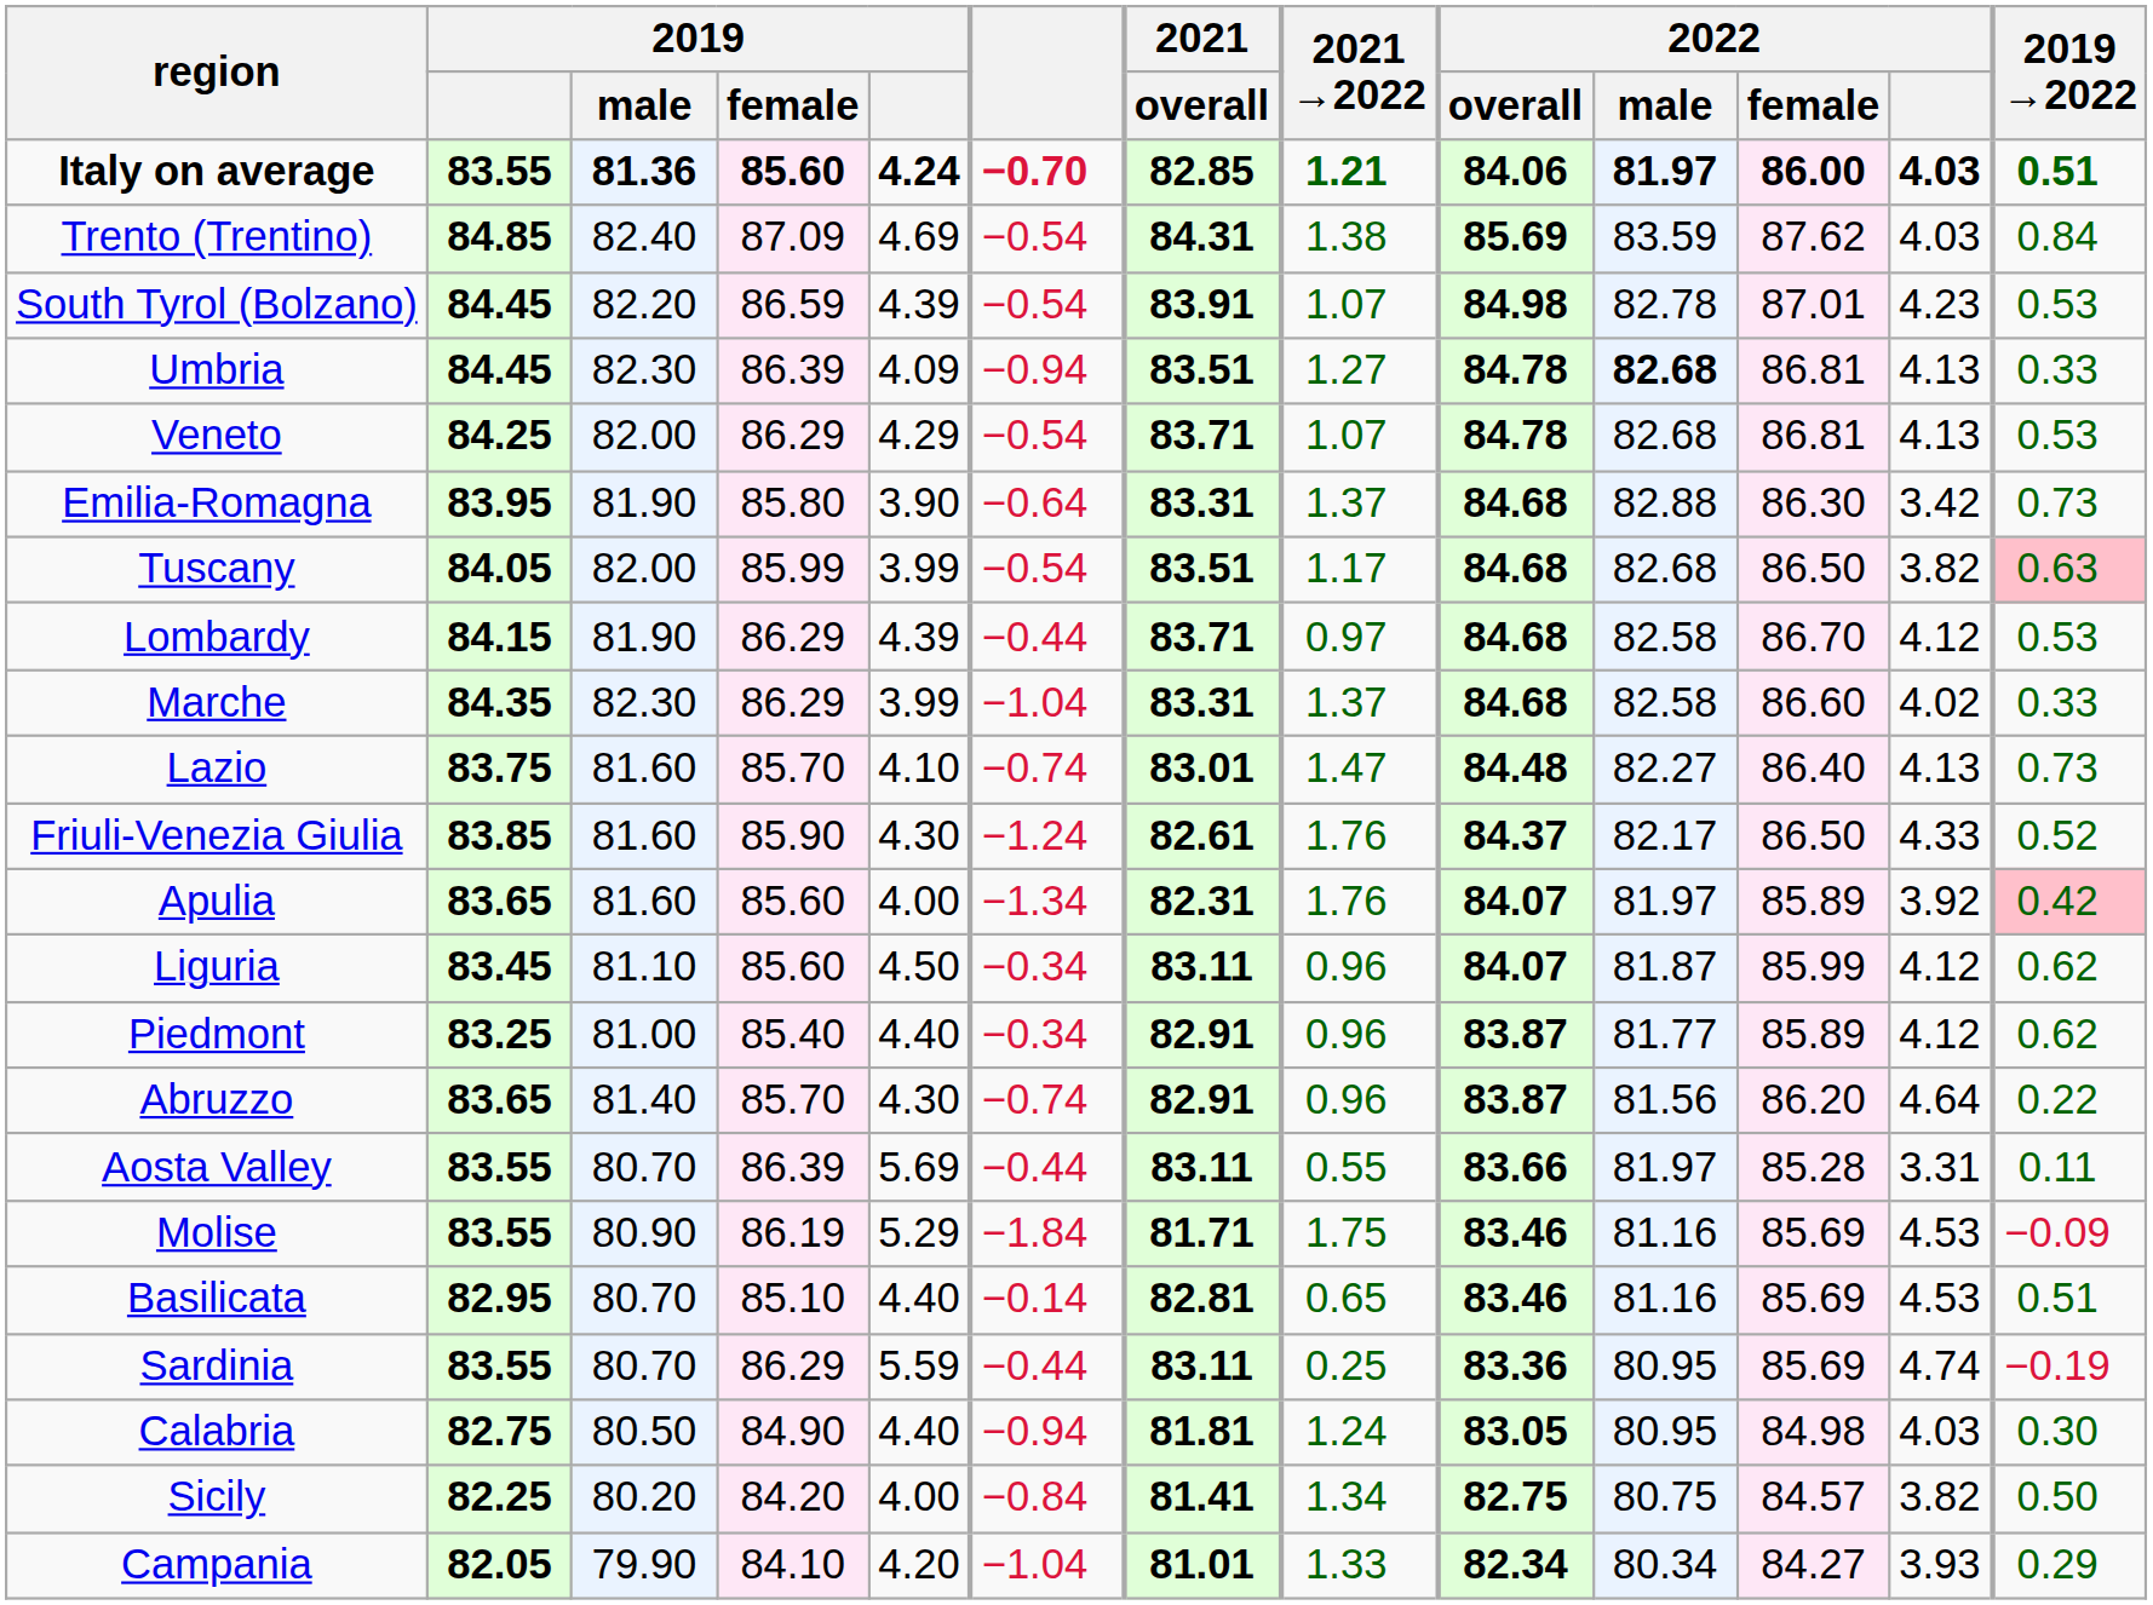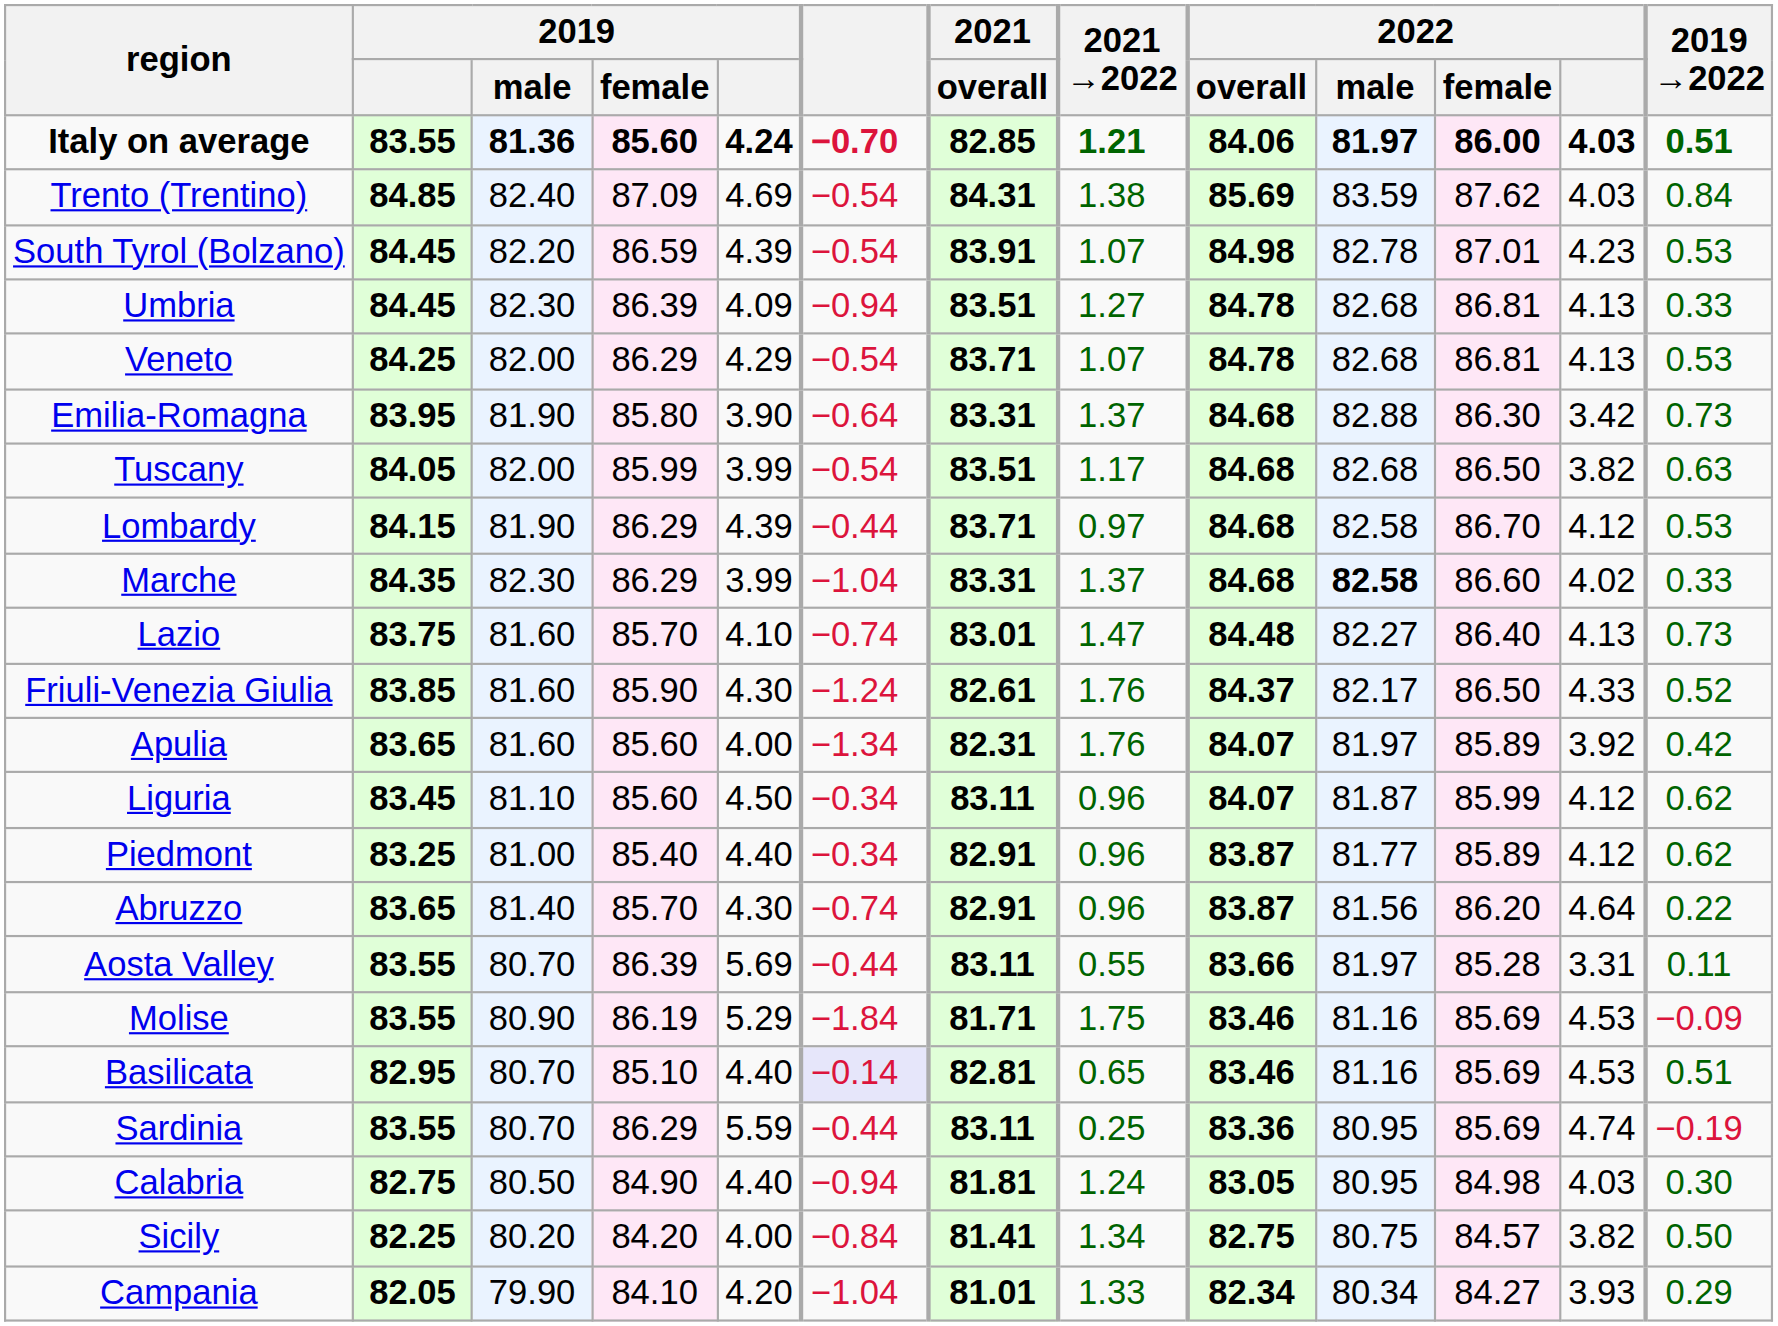 <table class="wikitable sortable mw-datatable static-row-numbers sticky-header-multi sort-under col1left col6right col8right col13right" style="text-align:center;">
 <tr>
 <th rowspan=2 style="vertical-align:middle;">region</th>
 <th colspan=4>2019</th>
 <th rowspan=2 style="vertical-align:middle;border-left-width:2px;"></th>
 <th style="border-left-width:2px;">2021</th>
 <th rowspan=2 style="vertical-align:middle;border-left-width:2px;">2021<br>→2022</th>
 <th colspan=4 style="border-left-width:2px;">2022</th>
 <th rowspan=2 style="vertical-align:middle;border-left-width:2px;">2019<br>→2022</th>
 </tr>
 <tr>
 <th style="vertical-align:middle;min-width:3em;"></th>
 <th style="vertical-align:middle;min-width:3em;">male</th>
 <th style="vertical-align:middle;min-width:3em;">female</th>
 <th></th>
 <th style="vertical-align:middle;min-width:3em;border-left-width:2px;">overall</th>
 <th style="vertical-align:middle;min-width:3em;border-left-width:2px;">overall</th>
 <th style="vertical-align:middle;min-width:3em;">male</th>
 <th style="vertical-align:middle;min-width:3em;">female</th>
 <th></th>
 </tr>
 <tr class=static-row-header>
 <td><strong>Italy on average</strong></td>
 <td style="background:#e0ffd8;"><strong>83.55</strong></td>
 <td style="background:#eaf3ff;"><strong>81.36</strong></td>
 <td style="background:#fee7f6;"><strong>85.60</strong></td>
 <td><strong>4.24</strong></td>
 <td style="padding-right:1.5ex;color:crimson;border-left-width:2px;"><strong>−0.70</strong></td>
 <td style="background:#e0ffd8;border-left-width:2px;"><strong>82.85</strong></td>
 <td style="padding-right:1.5ex;color:darkgreen;border-left-width:2px;"><strong>1.21</strong></td>
 <td style="background:#e0ffd8;border-left-width:2px;"><strong>84.06</strong></td>
 <td style="background:#eaf3ff;"><strong>81.97</strong></td>
 <td style="background:#fee7f6;"><strong>86.00</strong></td>
 <td><strong>4.03</strong></td>
 <td style="padding-right:1.5ex;color:darkgreen;border-left-width:2px;"><strong>0.51</strong></td>
 </tr>
 <tr>
 <td><a href='#'>Trento (Trentino)</a></td>
 <td style="background:#e0ffd8;"><strong>84.85</strong></td>
 <td style="background:#eaf3ff;">82.40</td>
 <td style="background:#fee7f6;">87.09</td>
 <td>4.69</td>
 <td style="padding-right:1.5ex;color:crimson;border-left-width:2px;">−0.54</td>
 <td style="background:#e0ffd8;border-left-width:2px;"><strong>84.31</strong></td>
 <td style="padding-right:1.5ex;color:darkgreen;border-left-width:2px;">1.38</td>
 <td style="background:#e0ffd8;border-left-width:2px;"><strong>85.69</strong></td>
 <td style="background:#eaf3ff;">83.59</td>
 <td style="background:#fee7f6;">87.62</td>
 <td>4.03</td>
 <td style="padding-right:1.5ex;color:darkgreen;border-left-width:2px;">0.84</td>
 </tr>
 <tr>
 <td><a href='#'>South Tyrol (Bolzano)</a></td>
 <td style="background:#e0ffd8;"><strong>84.45</strong></td>
 <td style="background:#eaf3ff;">82.20</td>
 <td style="background:#fee7f6;">86.59</td>
 <td>4.39</td>
 <td style="padding-right:1.5ex;color:crimson;border-left-width:2px;">−0.54</td>
 <td style="background:#e0ffd8;border-left-width:2px;"><strong>83.91</strong></td>
 <td style="padding-right:1.5ex;color:darkgreen;border-left-width:2px;">1.07</td>
 <td style="background:#e0ffd8;border-left-width:2px;"><strong>84.98</strong></td>
 <td style="background:#eaf3ff;">82.78</td>
 <td style="background:#fee7f6;">87.01</td>
 <td>4.23</td>
 <td style="padding-right:1.5ex;color:darkgreen;border-left-width:2px;">0.53</td>
 </tr>
 <tr>
 <td><a href='#'>Umbria</a></td>
 <td style="background:#e0ffd8;"><strong>84.45</strong></td>
 <td style="background:#eaf3ff;">82.30</td>
 <td style="background:#fee7f6;">86.39</td>
 <td>4.09</td>
 <td style="padding-right:1.5ex;color:crimson;border-left-width:2px;">−0.94</td>
 <td style="background:#e0ffd8;border-left-width:2px;"><strong>83.51</strong></td>
 <td style="padding-right:1.5ex;color:darkgreen;border-left-width:2px;">1.27</td>
 <td style="background:#e0ffd8;border-left-width:2px;"><strong>84.78</strong></td>
-<td style="background:#eaf3ff;"><strong>82.68</strong></td>
+<td style="background:#eaf3ff;">82.68</td>
 <td style="background:#fee7f6;">86.81</td>
 <td>4.13</td>
 <td style="padding-right:1.5ex;color:darkgreen;border-left-width:2px;">0.33</td>
 </tr>
 <tr>
 <td><a href='#'>Veneto</a></td>
 <td style="background:#e0ffd8;"><strong>84.25</strong></td>
 <td style="background:#eaf3ff;">82.00</td>
 <td style="background:#fee7f6;">86.29</td>
 <td>4.29</td>
 <td style="padding-right:1.5ex;color:crimson;border-left-width:2px;">−0.54</td>
 <td style="background:#e0ffd8;border-left-width:2px;"><strong>83.71</strong></td>
 <td style="padding-right:1.5ex;color:darkgreen;border-left-width:2px;">1.07</td>
 <td style="background:#e0ffd8;border-left-width:2px;"><strong>84.78</strong></td>
 <td style="background:#eaf3ff;">82.68</td>
 <td style="background:#fee7f6;">86.81</td>
 <td>4.13</td>
 <td style="padding-right:1.5ex;color:darkgreen;border-left-width:2px;">0.53</td>
 </tr>
 <tr>
 <td><a href='#'>Emilia-Romagna</a></td>
 <td style="background:#e0ffd8;"><strong>83.95</strong></td>
 <td style="background:#eaf3ff;">81.90</td>
 <td style="background:#fee7f6;">85.80</td>
 <td>3.90</td>
 <td style="padding-right:1.5ex;color:crimson;border-left-width:2px;">−0.64</td>
 <td style="background:#e0ffd8;border-left-width:2px;"><strong>83.31</strong></td>
 <td style="padding-right:1.5ex;color:darkgreen;border-left-width:2px;">1.37</td>
 <td style="background:#e0ffd8;border-left-width:2px;"><strong>84.68</strong></td>
 <td style="background:#eaf3ff;">82.88</td>
 <td style="background:#fee7f6;">86.30</td>
 <td>3.42</td>
 <td style="padding-right:1.5ex;color:darkgreen;border-left-width:2px;">0.73</td>
 </tr>
 <tr>
 <td><a href='#'>Tuscany</a></td>
 <td style="background:#e0ffd8;"><strong>84.05</strong></td>
 <td style="background:#eaf3ff;">82.00</td>
 <td style="background:#fee7f6;">85.99</td>
 <td>3.99</td>
 <td style="padding-right:1.5ex;color:crimson;border-left-width:2px;">−0.54</td>
 <td style="background:#e0ffd8;border-left-width:2px;"><strong>83.51</strong></td>
 <td style="padding-right:1.5ex;color:darkgreen;border-left-width:2px;">1.17</td>
 <td style="background:#e0ffd8;border-left-width:2px;"><strong>84.68</strong></td>
 <td style="background:#eaf3ff;">82.68</td>
 <td style="background:#fee7f6;">86.50</td>
 <td>3.82</td>
-<td style="background: pink; padding-right:1.5ex;color:darkgreen;border-left-width:2px;">0.63</td>
+<td style="padding-right:1.5ex;color:darkgreen;border-left-width:2px;">0.63</td>
 </tr>
 <tr>
 <td><a href='#'>Lombardy</a></td>
 <td style="background:#e0ffd8;"><strong>84.15</strong></td>
 <td style="background:#eaf3ff;">81.90</td>
 <td style="background:#fee7f6;">86.29</td>
 <td>4.39</td>
 <td style="padding-right:1.5ex;color:crimson;border-left-width:2px;">−0.44</td>
 <td style="background:#e0ffd8;border-left-width:2px;"><strong>83.71</strong></td>
 <td style="padding-right:1.5ex;color:darkgreen;border-left-width:2px;">0.97</td>
 <td style="background:#e0ffd8;border-left-width:2px;"><strong>84.68</strong></td>
 <td style="background:#eaf3ff;">82.58</td>
 <td style="background:#fee7f6;">86.70</td>
 <td>4.12</td>
 <td style="padding-right:1.5ex;color:darkgreen;border-left-width:2px;">0.53</td>
 </tr>
 <tr>
 <td><a href='#'>Marche</a></td>
 <td style="background:#e0ffd8;"><strong>84.35</strong></td>
 <td style="background:#eaf3ff;">82.30</td>
 <td style="background:#fee7f6;">86.29</td>
 <td>3.99</td>
 <td style="padding-right:1.5ex;color:crimson;border-left-width:2px;">−1.04</td>
 <td style="background:#e0ffd8;border-left-width:2px;"><strong>83.31</strong></td>
 <td style="padding-right:1.5ex;color:darkgreen;border-left-width:2px;">1.37</td>
 <td style="background:#e0ffd8;border-left-width:2px;"><strong>84.68</strong></td>
-<td style="background:#eaf3ff;">82.58</td>
+<td style="background:#eaf3ff;"><strong>82.58</strong></td>
 <td style="background:#fee7f6;">86.60</td>
 <td>4.02</td>
 <td style="padding-right:1.5ex;color:darkgreen;border-left-width:2px;">0.33</td>
 </tr>
 <tr>
 <td><a href='#'>Lazio</a></td>
 <td style="background:#e0ffd8;"><strong>83.75</strong></td>
 <td style="background:#eaf3ff;">81.60</td>
 <td style="background:#fee7f6;">85.70</td>
 <td>4.10</td>
 <td style="padding-right:1.5ex;color:crimson;border-left-width:2px;">−0.74</td>
 <td style="background:#e0ffd8;border-left-width:2px;"><strong>83.01</strong></td>
 <td style="padding-right:1.5ex;color:darkgreen;border-left-width:2px;">1.47</td>
 <td style="background:#e0ffd8;border-left-width:2px;"><strong>84.48</strong></td>
 <td style="background:#eaf3ff;">82.27</td>
 <td style="background:#fee7f6;">86.40</td>
 <td>4.13</td>
 <td style="padding-right:1.5ex;color:darkgreen;border-left-width:2px;">0.73</td>
 </tr>
 <tr>
 <td><a href='#'>Friuli-Venezia Giulia</a></td>
 <td style="background:#e0ffd8;"><strong>83.85</strong></td>
 <td style="background:#eaf3ff;">81.60</td>
 <td style="background:#fee7f6;">85.90</td>
 <td>4.30</td>
 <td style="padding-right:1.5ex;color:crimson;border-left-width:2px;">−1.24</td>
 <td style="background:#e0ffd8;border-left-width:2px;"><strong>82.61</strong></td>
 <td style="padding-right:1.5ex;color:darkgreen;border-left-width:2px;">1.76</td>
 <td style="background:#e0ffd8;border-left-width:2px;"><strong>84.37</strong></td>
 <td style="background:#eaf3ff;">82.17</td>
 <td style="background:#fee7f6;">86.50</td>
 <td>4.33</td>
 <td style="padding-right:1.5ex;color:darkgreen;border-left-width:2px;">0.52</td>
 </tr>
 <tr>
 <td><a href='#'>Apulia</a></td>
 <td style="background:#e0ffd8;"><strong>83.65</strong></td>
 <td style="background:#eaf3ff;">81.60</td>
 <td style="background:#fee7f6;">85.60</td>
 <td>4.00</td>
 <td style="padding-right:1.5ex;color:crimson;border-left-width:2px;">−1.34</td>
 <td style="background:#e0ffd8;border-left-width:2px;"><strong>82.31</strong></td>
 <td style="padding-right:1.5ex;color:darkgreen;border-left-width:2px;">1.76</td>
 <td style="background:#e0ffd8;border-left-width:2px;"><strong>84.07</strong></td>
 <td style="background:#eaf3ff;">81.97</td>
 <td style="background:#fee7f6;">85.89</td>
 <td>3.92</td>
-<td style="background: pink; padding-right:1.5ex;color:darkgreen;border-left-width:2px;">0.42</td>
+<td style="padding-right:1.5ex;color:darkgreen;border-left-width:2px;">0.42</td>
 </tr>
 <tr>
 <td><a href='#'>Liguria</a></td>
 <td style="background:#e0ffd8;"><strong>83.45</strong></td>
 <td style="background:#eaf3ff;">81.10</td>
 <td style="background:#fee7f6;">85.60</td>
 <td>4.50</td>
 <td style="padding-right:1.5ex;color:crimson;border-left-width:2px;">−0.34</td>
 <td style="background:#e0ffd8;border-left-width:2px;"><strong>83.11</strong></td>
 <td style="padding-right:1.5ex;color:darkgreen;border-left-width:2px;">0.96</td>
 <td style="background:#e0ffd8;border-left-width:2px;"><strong>84.07</strong></td>
 <td style="background:#eaf3ff;">81.87</td>
 <td style="background:#fee7f6;">85.99</td>
 <td>4.12</td>
 <td style="padding-right:1.5ex;color:darkgreen;border-left-width:2px;">0.62</td>
 </tr>
 <tr>
 <td><a href='#'>Piedmont</a></td>
 <td style="background:#e0ffd8;"><strong>83.25</strong></td>
 <td style="background:#eaf3ff;">81.00</td>
 <td style="background:#fee7f6;">85.40</td>
 <td>4.40</td>
 <td style="padding-right:1.5ex;color:crimson;border-left-width:2px;">−0.34</td>
 <td style="background:#e0ffd8;border-left-width:2px;"><strong>82.91</strong></td>
 <td style="padding-right:1.5ex;color:darkgreen;border-left-width:2px;">0.96</td>
 <td style="background:#e0ffd8;border-left-width:2px;"><strong>83.87</strong></td>
 <td style="background:#eaf3ff;">81.77</td>
 <td style="background:#fee7f6;">85.89</td>
 <td>4.12</td>
 <td style="padding-right:1.5ex;color:darkgreen;border-left-width:2px;">0.62</td>
 </tr>
 <tr>
 <td><a href='#'>Abruzzo</a></td>
 <td style="background:#e0ffd8;"><strong>83.65</strong></td>
 <td style="background:#eaf3ff;">81.40</td>
 <td style="background:#fee7f6;">85.70</td>
 <td>4.30</td>
 <td style="padding-right:1.5ex;color:crimson;border-left-width:2px;">−0.74</td>
 <td style="background:#e0ffd8;border-left-width:2px;"><strong>82.91</strong></td>
 <td style="padding-right:1.5ex;color:darkgreen;border-left-width:2px;">0.96</td>
 <td style="background:#e0ffd8;border-left-width:2px;"><strong>83.87</strong></td>
 <td style="background:#eaf3ff;">81.56</td>
 <td style="background:#fee7f6;">86.20</td>
 <td>4.64</td>
 <td style="padding-right:1.5ex;color:darkgreen;border-left-width:2px;">0.22</td>
 </tr>
 <tr>
 <td><a href='#'>Aosta Valley</a></td>
 <td style="background:#e0ffd8;"><strong>83.55</strong></td>
 <td style="background:#eaf3ff;">80.70</td>
 <td style="background:#fee7f6;">86.39</td>
 <td>5.69</td>
 <td style="padding-right:1.5ex;color:crimson;border-left-width:2px;">−0.44</td>
 <td style="background:#e0ffd8;border-left-width:2px;"><strong>83.11</strong></td>
 <td style="padding-right:1.5ex;color:darkgreen;border-left-width:2px;">0.55</td>
 <td style="background:#e0ffd8;border-left-width:2px;"><strong>83.66</strong></td>
 <td style="background:#eaf3ff;">81.97</td>
 <td style="background:#fee7f6;">85.28</td>
 <td>3.31</td>
 <td style="padding-right:1.5ex;color:darkgreen;border-left-width:2px;">0.11</td>
 </tr>
 <tr>
 <td><a href='#'>Molise</a></td>
 <td style="background:#e0ffd8;"><strong>83.55</strong></td>
 <td style="background:#eaf3ff;">80.90</td>
 <td style="background:#fee7f6;">86.19</td>
 <td>5.29</td>
 <td style="padding-right:1.5ex;color:crimson;border-left-width:2px;">−1.84</td>
 <td style="background:#e0ffd8;border-left-width:2px;"><strong>81.71</strong></td>
 <td style="padding-right:1.5ex;color:darkgreen;border-left-width:2px;">1.75</td>
 <td style="background:#e0ffd8;border-left-width:2px;"><strong>83.46</strong></td>
 <td style="background:#eaf3ff;">81.16</td>
 <td style="background:#fee7f6;">85.69</td>
 <td>4.53</td>
 <td style="padding-right:1.5ex;color:crimson;border-left-width:2px;">−0.09</td>
 </tr>
 <tr>
 <td><a href='#'>Basilicata</a></td>
 <td style="background:#e0ffd8;"><strong>82.95</strong></td>
 <td style="background:#eaf3ff;">80.70</td>
 <td style="background:#fee7f6;">85.10</td>
 <td>4.40</td>
-<td style="padding-right:1.5ex;color:crimson;border-left-width:2px;">−0.14</td>
+<td style="background: lavender; padding-right:1.5ex;color:crimson;border-left-width:2px;">−0.14</td>
 <td style="background:#e0ffd8;border-left-width:2px;"><strong>82.81</strong></td>
 <td style="padding-right:1.5ex;color:darkgreen;border-left-width:2px;">0.65</td>
 <td style="background:#e0ffd8;border-left-width:2px;"><strong>83.46</strong></td>
 <td style="background:#eaf3ff;">81.16</td>
 <td style="background:#fee7f6;">85.69</td>
 <td>4.53</td>
 <td style="padding-right:1.5ex;color:darkgreen;border-left-width:2px;">0.51</td>
 </tr>
 <tr>
 <td><a href='#'>Sardinia</a></td>
 <td style="background:#e0ffd8;"><strong>83.55</strong></td>
 <td style="background:#eaf3ff;">80.70</td>
 <td style="background:#fee7f6;">86.29</td>
 <td>5.59</td>
 <td style="padding-right:1.5ex;color:crimson;border-left-width:2px;">−0.44</td>
 <td style="background:#e0ffd8;border-left-width:2px;"><strong>83.11</strong></td>
 <td style="padding-right:1.5ex;color:darkgreen;border-left-width:2px;">0.25</td>
 <td style="background:#e0ffd8;border-left-width:2px;"><strong>83.36</strong></td>
 <td style="background:#eaf3ff;">80.95</td>
 <td style="background:#fee7f6;">85.69</td>
 <td>4.74</td>
 <td style="padding-right:1.5ex;color:crimson;border-left-width:2px;">−0.19</td>
 </tr>
 <tr>
 <td><a href='#'>Calabria</a></td>
 <td style="background:#e0ffd8;"><strong>82.75</strong></td>
 <td style="background:#eaf3ff;">80.50</td>
 <td style="background:#fee7f6;">84.90</td>
 <td>4.40</td>
 <td style="padding-right:1.5ex;color:crimson;border-left-width:2px;">−0.94</td>
 <td style="background:#e0ffd8;border-left-width:2px;"><strong>81.81</strong></td>
 <td style="padding-right:1.5ex;color:darkgreen;border-left-width:2px;">1.24</td>
 <td style="background:#e0ffd8;border-left-width:2px;"><strong>83.05</strong></td>
 <td style="background:#eaf3ff;">80.95</td>
 <td style="background:#fee7f6;">84.98</td>
 <td>4.03</td>
 <td style="padding-right:1.5ex;color:darkgreen;border-left-width:2px;">0.30</td>
 </tr>
 <tr>
 <td><a href='#'>Sicily</a></td>
 <td style="background:#e0ffd8;"><strong>82.25</strong></td>
 <td style="background:#eaf3ff;">80.20</td>
 <td style="background:#fee7f6;">84.20</td>
 <td>4.00</td>
 <td style="padding-right:1.5ex;color:crimson;border-left-width:2px;">−0.84</td>
 <td style="background:#e0ffd8;border-left-width:2px;"><strong>81.41</strong></td>
 <td style="padding-right:1.5ex;color:darkgreen;border-left-width:2px;">1.34</td>
 <td style="background:#e0ffd8;border-left-width:2px;"><strong>82.75</strong></td>
 <td style="background:#eaf3ff;">80.75</td>
 <td style="background:#fee7f6;">84.57</td>
 <td>3.82</td>
 <td style="padding-right:1.5ex;color:darkgreen;border-left-width:2px;">0.50</td>
 </tr>
 <tr>
 <td><a href='#'>Campania</a></td>
 <td style="background:#e0ffd8;"><strong>82.05</strong></td>
 <td style="background:#eaf3ff;">79.90</td>
 <td style="background:#fee7f6;">84.10</td>
 <td>4.20</td>
 <td style="padding-right:1.5ex;color:crimson;border-left-width:2px;">−1.04</td>
 <td style="background:#e0ffd8;border-left-width:2px;"><strong>81.01</strong></td>
 <td style="padding-right:1.5ex;color:darkgreen;border-left-width:2px;">1.33</td>
 <td style="background:#e0ffd8;border-left-width:2px;"><strong>82.34</strong></td>
 <td style="background:#eaf3ff;">80.34</td>
 <td style="background:#fee7f6;">84.27</td>
 <td>3.93</td>
 <td style="padding-right:1.5ex;color:darkgreen;border-left-width:2px;">0.29</td>
 </tr>
 </table>
